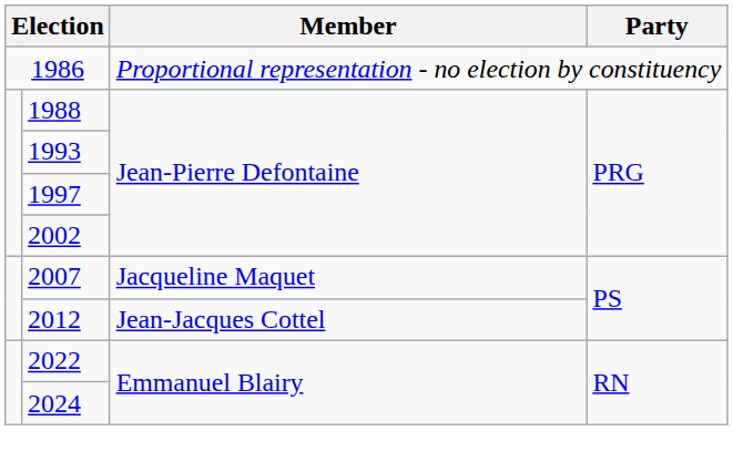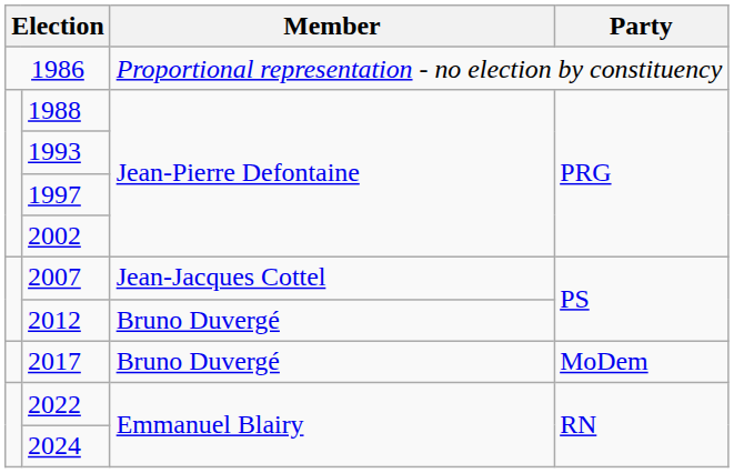 <table class="wikitable">
 <tr>
 <th colspan="2">Election</th>
 <th>Member</th>
 <th>Party</th>
 </tr>
 <tr>
 <td colspan="2" align="center"><a href='#'>1986</a></td>
 <td colspan="2"><em><a href='#'>Proportional representation</a> - no election by constituency</em></td>
 </tr>
 <tr>
 <td rowspan="4" style="background-color: "></td>
 <td><a href='#'>1988</a></td>
 <td rowspan="4"><a href='#'>Jean-Pierre Defontaine</a></td>
 <td rowspan="4"><a href='#'>PRG</a></td>
 </tr>
 <tr>
 <td><a href='#'>1993</a></td>
 </tr>
 <tr>
 <td><a href='#'>1997</a></td>
 </tr>
 <tr>
 <td><a href='#'>2002</a></td>
 </tr>
 <tr>
 <td rowspan="2" style="background-color: "></td>
 <td><a href='#'>2007</a></td>
-<td><a href='#'>Jacqueline Maquet</a></td>
+<td><a href='#'>Jean-Jacques Cottel</a></td>
 <td rowspan="2"><a href='#'>PS</a></td>
 </tr>
 <tr>
 <td><a href='#'>2012</a></td>
-<td><a href='#'>Jean-Jacques Cottel</a></td>
+<td><a href='#'>Bruno Duvergé</a></td>
+</tr>
+<tr>
+<td style="color:inherit;background-color: "></td>
+<td><a href='#'>2017</a></td>
+<td><a href='#'>Bruno Duvergé</a></td>
+<td><a href='#'>MoDem</a></td>
 </tr>
 <tr>
 <td rowspan=2 style="color:inherit;background-color: "></td>
 <td><a href='#'>2022</a></td>
 <td rowspan=2><a href='#'>Emmanuel Blairy</a></td>
 <td rowspan=2><a href='#'>RN</a></td>
 </tr>
 <tr>
 <td><a href='#'>2024</a></td>
 </tr>
 </table>
